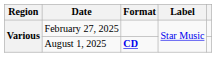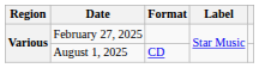 <table class="wikitable plainrowheaders">
 <tr>
 <th scope="col">Region</th>
 <th scope="col">Date</th>
 <th scope="col">Format</th>
 <th scope="col">Label</th>
 <th scope="col"></th>
 </tr>
 <tr>
 <th rowspan="2" scope="row">Various</th>
 <td>February 27, 2025</td>
 <td></td>
 <td rowspan="2"><a href='#'>Star Music</a></td>
 <td align="center"></td>
 </tr>
 <tr>
 <td>August 1, 2025</td>
-<td><strong><a href='#'>CD</a></strong></td>
+<td><a href='#'>CD</a></td>
 <td align="center"></td>
 </tr>
 </table>
